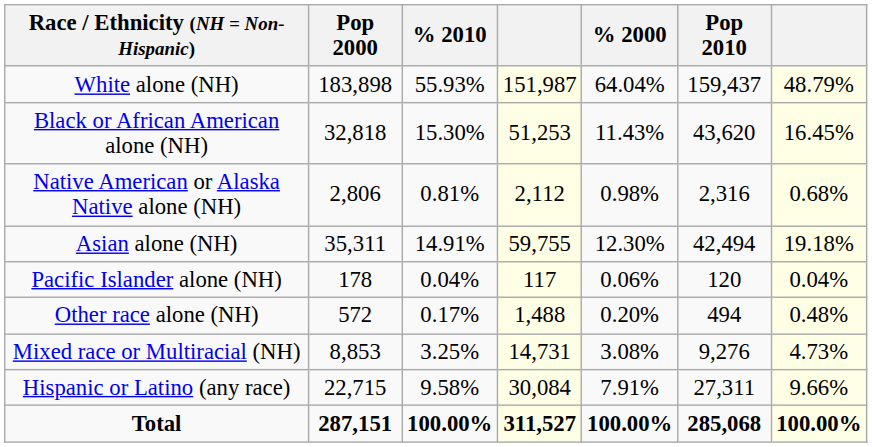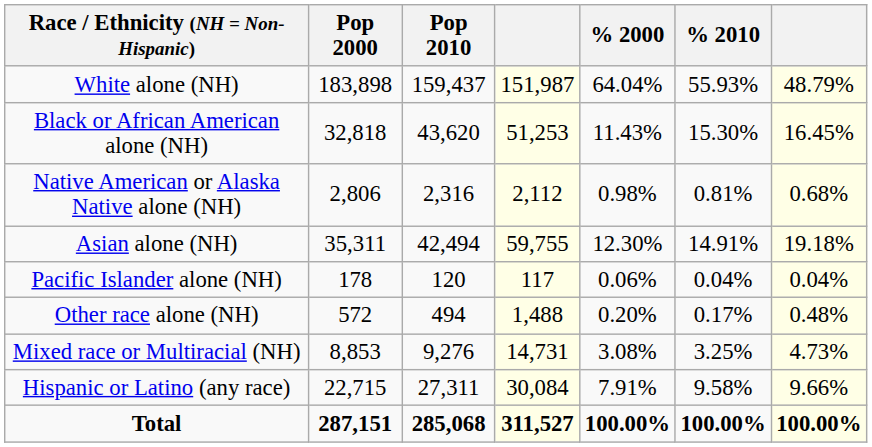 <table class="wikitable" style="text-align:center;">
 <tr>
 <th>Race / Ethnicity <small>(<em>NH = Non-Hispanic</em>)</small></th>
 <th>Pop 2000</th>
-<th>% 2010</th>
+<th>Pop 2010</th>
 <th></th>
 <th>% 2000</th>
-<th>Pop 2010</th>
+<th>% 2010</th>
 <th></th>
 </tr>
 <tr>
 <td><a href='#'>White</a> alone (NH)</td>
 <td>183,898</td>
-<td>55.93%</td>
+<td>159,437</td>
 <td style='background: #ffffe6;'>151,987</td>
 <td>64.04%</td>
-<td>159,437</td>
+<td>55.93%</td>
 <td style='background: #ffffe6;'>48.79%</td>
 </tr>
 <tr>
 <td><a href='#'>Black or African American</a> alone (NH)</td>
 <td>32,818</td>
-<td>15.30%</td>
+<td>43,620</td>
 <td style='background: #ffffe6;'>51,253</td>
 <td>11.43%</td>
-<td>43,620</td>
+<td>15.30%</td>
 <td style='background: #ffffe6;'>16.45%</td>
 </tr>
 <tr>
 <td><a href='#'>Native American</a> or <a href='#'>Alaska Native</a> alone (NH)</td>
 <td>2,806</td>
-<td>0.81%</td>
+<td>2,316</td>
 <td style='background: #ffffe6;'>2,112</td>
 <td>0.98%</td>
-<td>2,316</td>
+<td>0.81%</td>
 <td style='background: #ffffe6;'>0.68%</td>
 </tr>
 <tr>
 <td><a href='#'>Asian</a> alone (NH)</td>
 <td>35,311</td>
-<td>14.91%</td>
+<td>42,494</td>
 <td style='background: #ffffe6;'>59,755</td>
 <td>12.30%</td>
-<td>42,494</td>
+<td>14.91%</td>
 <td style='background: #ffffe6;'>19.18%</td>
 </tr>
 <tr>
 <td><a href='#'>Pacific Islander</a> alone (NH)</td>
 <td>178</td>
-<td>0.04%</td>
+<td>120</td>
 <td style='background: #ffffe6;'>117</td>
 <td>0.06%</td>
-<td>120</td>
+<td>0.04%</td>
 <td style='background: #ffffe6;'>0.04%</td>
 </tr>
 <tr>
 <td><a href='#'>Other race</a> alone (NH)</td>
 <td>572</td>
-<td>0.17%</td>
+<td>494</td>
 <td style='background: #ffffe6;'>1,488</td>
 <td>0.20%</td>
-<td>494</td>
+<td>0.17%</td>
 <td style='background: #ffffe6;'>0.48%</td>
 </tr>
 <tr>
 <td><a href='#'>Mixed race or Multiracial</a> (NH)</td>
 <td>8,853</td>
-<td>3.25%</td>
+<td>9,276</td>
 <td style='background: #ffffe6;'>14,731</td>
 <td>3.08%</td>
-<td>9,276</td>
+<td>3.25%</td>
 <td style='background: #ffffe6;'>4.73%</td>
 </tr>
 <tr>
 <td><a href='#'>Hispanic or Latino</a> (any race)</td>
 <td>22,715</td>
-<td>9.58%</td>
+<td>27,311</td>
 <td style='background: #ffffe6;'>30,084</td>
 <td>7.91%</td>
-<td>27,311</td>
+<td>9.58%</td>
 <td style='background: #ffffe6;'>9.66%</td>
 </tr>
 <tr>
 <td><strong>Total</strong></td>
 <td><strong>287,151</strong></td>
-<td><strong>100.00%</strong></td>
+<td><strong>285,068</strong></td>
 <td style='background: #ffffe6;'><strong>311,527</strong></td>
 <td><strong>100.00%</strong></td>
-<td><strong>285,068</strong></td>
+<td><strong>100.00%</strong></td>
 <td style='background: #ffffe6;'><strong>100.00%</strong></td>
 </tr>
 </table>
